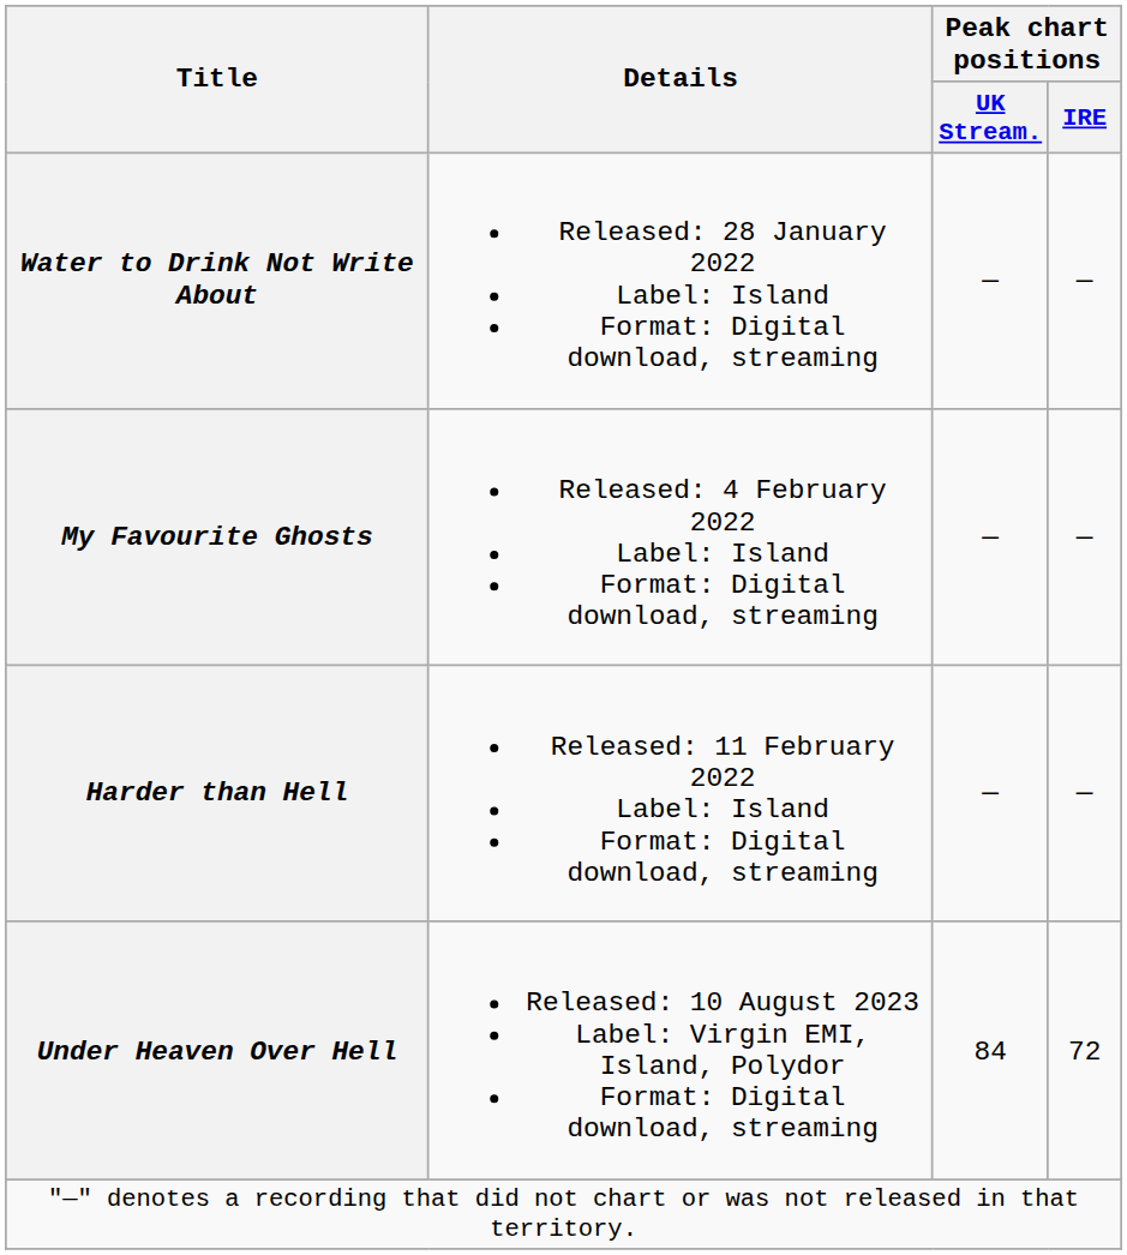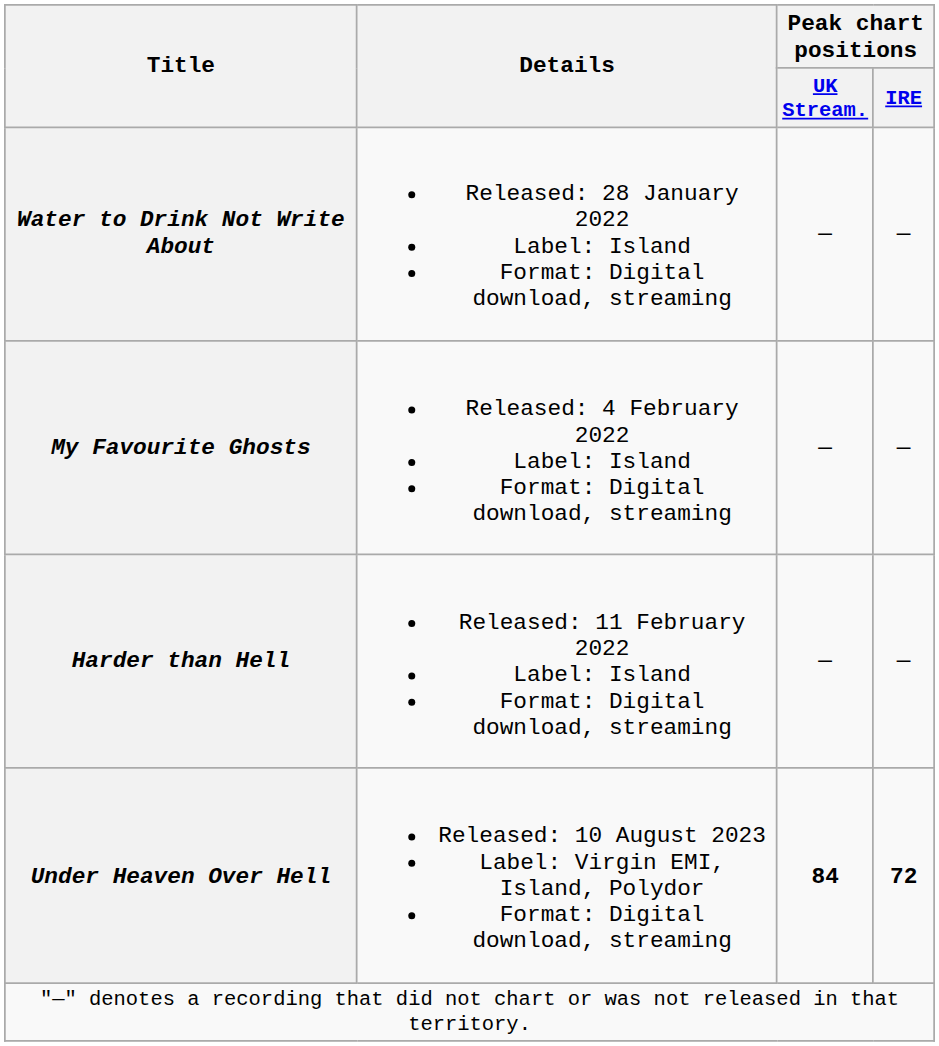 <table class="wikitable plainrowheaders" style="text-align:center;">
 <tr>
 <th scope="col" rowspan="2" style="width:15em;">Title</th>
 <th scope="col" rowspan="2" style="width:18em;">Details</th>
 <th scope="col" colspan="2">Peak chart positions</th>
 </tr>
 <tr>
 <th scope="col" style="width:2.5em;font-size:90%;"><a href='#'>UK<br>Stream.</a><br></th>
 <th scope="col" style="width:2.5em;font-size:90%;"><a href='#'>IRE</a><br></th>
 </tr>
 <tr>
 <th scope="row"><em>Water to Drink Not Write About</em></th>
 <td><br><ul><li>Released: 28 January 2022</li><li>Label: Island</li><li>Format: Digital download, streaming</li></ul></td>
 <td>—</td>
 <td>—</td>
 </tr>
 <tr>
 <th scope="row"><em>My Favourite Ghosts</em></th>
 <td><br><ul><li>Released: 4 February 2022</li><li>Label: Island</li><li>Format: Digital download, streaming</li></ul></td>
 <td>—</td>
 <td>—</td>
 </tr>
 <tr>
 <th scope="row"><em>Harder than Hell</em></th>
 <td><br><ul><li>Released: 11 February 2022</li><li>Label: Island</li><li>Format: Digital download, streaming</li></ul></td>
 <td>—</td>
 <td>—</td>
 </tr>
 <tr>
 <th scope="row"><em>Under Heaven Over Hell</em></th>
 <td><br><ul><li>Released: 10 August 2023</li><li>Label: Virgin EMI, Island, Polydor</li><li>Format: Digital download, streaming</li></ul></td>
-<td>84</td>
-<td>72<br></td>
+<td><strong>84</strong></td>
+<td><strong>72<br></strong></td>
 </tr>
 <tr>
 <td colspan="13" style="font-size:90%">"—" denotes a recording that did not chart or was not released in that territory.</td>
 </tr>
 </table>
